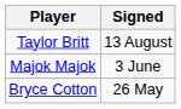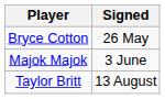 <table class="wikitable sortable sortable" style="text-align: center">
 <tr>
 <th>Player</th>
 <th>Signed</th>
 </tr>
 <tr>
-<td><a href='#'>Taylor Britt</a></td>
-<td>13 August</td>
+<td><a href='#'>Bryce Cotton</a></td>
+<td>26 May</td>
 </tr>
 <tr>
 <td><a href='#'>Majok Majok</a></td>
 <td>3 June</td>
 </tr>
 <tr>
-<td><a href='#'>Bryce Cotton</a></td>
-<td>26 May</td>
+<td><a href='#'>Taylor Britt</a></td>
+<td>13 August</td>
 </tr>
 </table>
